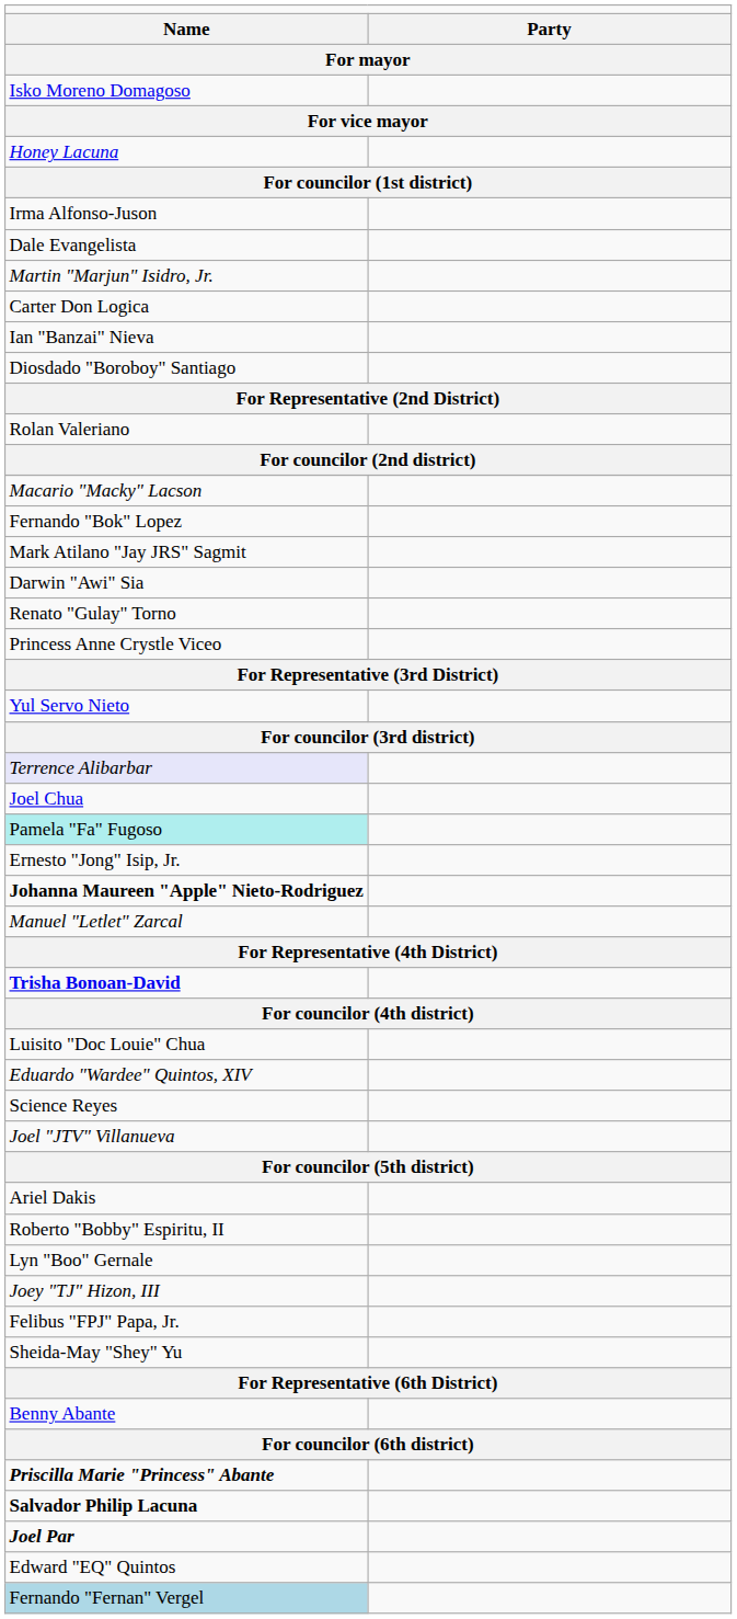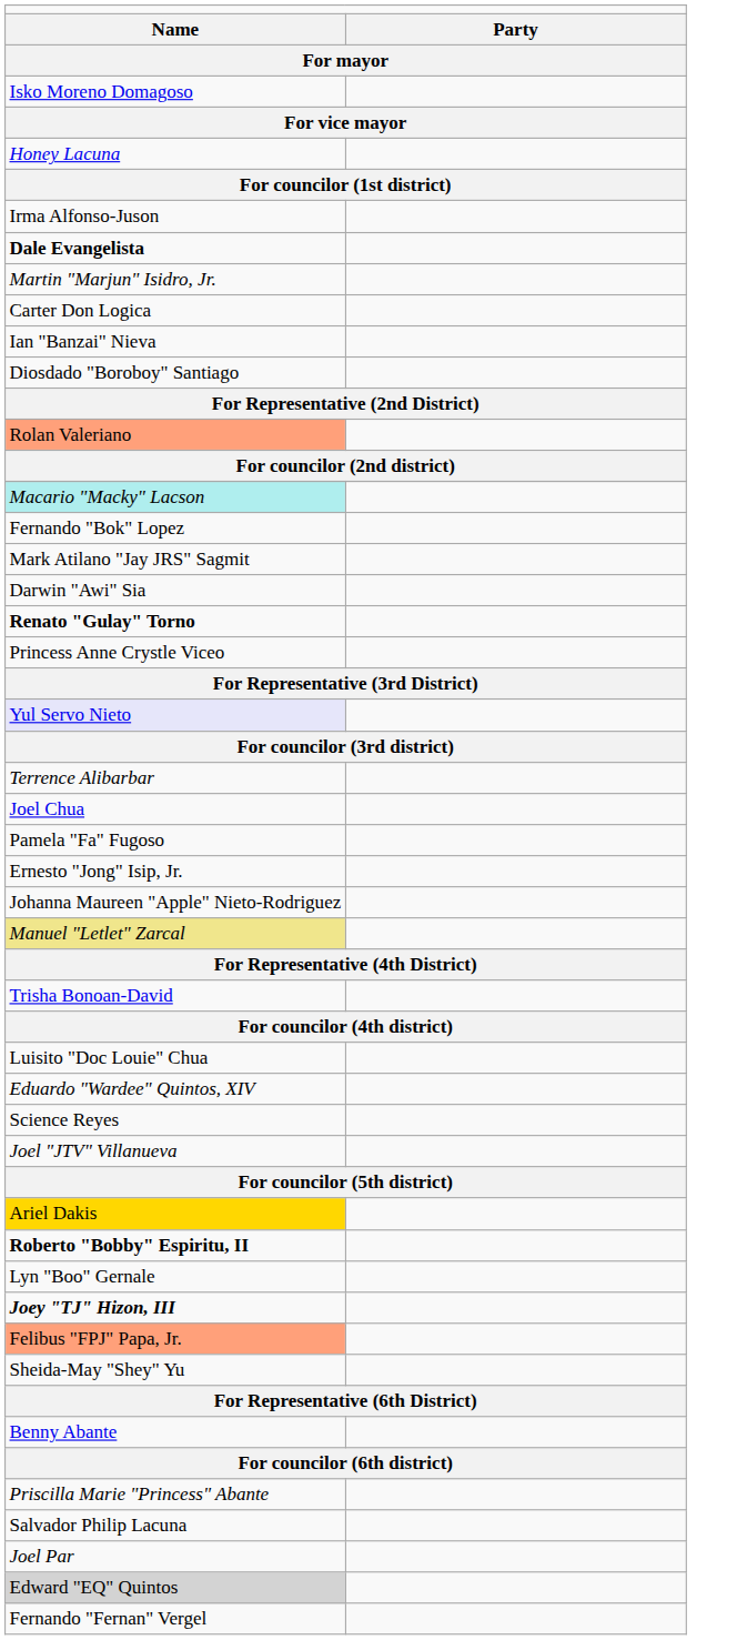 <table class=wikitable style="font-size:95%">
 <tr>
 <td colspan=4 bgcolor=></td>
 </tr>
 <tr>
 <th width=50%>Name</th>
 <th colspan=2>Party</th>
 </tr>
 <tr>
 <th colspan=3>For mayor</th>
 </tr>
 <tr>
 <td><a href='#'>Isko Moreno Domagoso</a></td>
 <td></td>
 </tr>
 <tr>
 <th colspan=3>For vice mayor</th>
 </tr>
 <tr>
 <td><em><a href='#'>Honey Lacuna</a></em></td>
 <td></td>
 </tr>
 <tr>
 <th colspan=3>For councilor (1st district)</th>
 </tr>
 <tr>
 <td>Irma Alfonso-Juson</td>
 <td></td>
 </tr>
 <tr>
-<td>Dale Evangelista</td>
+<td><strong>Dale Evangelista</strong></td>
 <td></td>
 </tr>
 <tr>
 <td><em>Martin "Marjun" Isidro, Jr.</em></td>
 <td></td>
 </tr>
 <tr>
 <td>Carter Don Logica</td>
 <td></td>
 </tr>
 <tr>
 <td>Ian "Banzai" Nieva</td>
 <td></td>
 </tr>
 <tr>
 <td>Diosdado "Boroboy" Santiago</td>
 <td></td>
 </tr>
 <tr>
 <th colspan="5">For Representative (2nd District)</th>
 </tr>
 <tr>
-<td>Rolan Valeriano</td>
+<td style="background: lightsalmon;">Rolan Valeriano</td>
 <td></td>
 </tr>
 <tr>
 <th colspan=3>For councilor (2nd district)</th>
 </tr>
 <tr>
 </tr>
 <tr>
-<td><em>Macario "Macky" Lacson</em></td>
+<td style="background: paleturquoise;"><em>Macario "Macky" Lacson</em></td>
 <td></td>
 </tr>
 <tr>
 <td>Fernando "Bok" Lopez</td>
 <td></td>
 </tr>
 <tr>
 <td>Mark Atilano "Jay JRS" Sagmit</td>
 <td></td>
 </tr>
 <tr>
 <td>Darwin "Awi" Sia</td>
 <td></td>
 </tr>
 <tr>
-<td>Renato "Gulay" Torno</td>
+<td><strong>Renato "Gulay" Torno</strong></td>
 <td></td>
 </tr>
 <tr>
 <td>Princess Anne Crystle Viceo</td>
 <td></td>
 </tr>
 <tr>
 <th colspan="5">For Representative (3rd District)</th>
 </tr>
 <tr>
-<td><a href='#'>Yul Servo Nieto</a></td>
+<td style="background: lavender;"><a href='#'>Yul Servo Nieto</a></td>
 <td></td>
 </tr>
 <tr>
 <th colspan=3>For councilor (3rd district)</th>
 </tr>
 <tr>
-<td style="background: lavender;"><em>Terrence Alibarbar</em></td>
+<td><em>Terrence Alibarbar</em></td>
 <td></td>
 </tr>
 <tr>
 <td><a href='#'>Joel Chua</a></td>
 <td></td>
 </tr>
 <tr>
-<td style="background: paleturquoise;">Pamela "Fa" Fugoso</td>
+<td>Pamela "Fa" Fugoso</td>
 <td></td>
 </tr>
 <tr>
 <td>Ernesto "Jong" Isip, Jr.</td>
 <td></td>
 </tr>
 <tr>
-<td><strong>Johanna Maureen "Apple" Nieto-Rodriguez</strong></td>
+<td>Johanna Maureen "Apple" Nieto-Rodriguez</td>
 <td></td>
 </tr>
 <tr>
-<td><em>Manuel "Letlet" Zarcal</em></td>
+<td style="background: khaki;"><em>Manuel "Letlet" Zarcal</em></td>
 <td></td>
 </tr>
 <tr>
 <th colspan="5">For Representative (4th District)</th>
 </tr>
 <tr>
-<td><strong><a href='#'>Trisha Bonoan-David</a></strong></td>
+<td><a href='#'>Trisha Bonoan-David</a></td>
 <td></td>
 </tr>
 <tr>
 <th colspan=3>For councilor (4th district)</th>
 </tr>
 <tr>
 <td>Luisito "Doc Louie" Chua</td>
 <td></td>
 </tr>
 <tr>
 <td><em>Eduardo "Wardee" Quintos, XIV</em></td>
 <td></td>
 </tr>
 <tr>
 <td>Science Reyes</td>
 <td></td>
 </tr>
 <tr>
 <td><em>Joel "JTV" Villanueva</em></td>
 <td></td>
 </tr>
 <tr>
 <th colspan=3>For councilor (5th district)</th>
 </tr>
 <tr>
-<td>Ariel Dakis</td>
+<td style="background: gold;">Ariel Dakis</td>
 <td></td>
 </tr>
 <tr>
-<td>Roberto "Bobby" Espiritu, II</td>
+<td><strong>Roberto "Bobby" Espiritu, II</strong></td>
 <td></td>
 </tr>
 <tr>
 <td>Lyn "Boo" Gernale</td>
 <td></td>
 </tr>
 <tr>
-<td><em>Joey "TJ" Hizon, III</em></td>
+<td><strong><em>Joey "TJ" Hizon, III</em></strong></td>
 <td></td>
 </tr>
 <tr>
-<td>Felibus "FPJ" Papa, Jr.</td>
+<td style="background: lightsalmon;">Felibus "FPJ" Papa, Jr.</td>
 <td></td>
 </tr>
 <tr>
 <td>Sheida-May "Shey" Yu</td>
 <td></td>
 </tr>
 <tr>
 <th colspan="5">For Representative (6th District)</th>
 </tr>
 <tr>
 <td><a href='#'>Benny Abante</a></td>
 <td></td>
 </tr>
 <tr>
 <th colspan=3>For councilor (6th district)</th>
 </tr>
 <tr>
-<td><strong><em>Priscilla Marie "Princess" Abante</em></strong></td>
+<td><em>Priscilla Marie "Princess" Abante</em></td>
 <td></td>
 </tr>
 <tr>
-<td><strong>Salvador Philip Lacuna</strong></td>
+<td>Salvador Philip Lacuna</td>
 <td></td>
 </tr>
 <tr>
-<td><strong><em>Joel Par</em></strong></td>
+<td><em>Joel Par</em></td>
 <td></td>
 </tr>
 <tr>
-<td>Edward "EQ" Quintos</td>
+<td style="background: lightgrey;">Edward "EQ" Quintos</td>
 <td></td>
 </tr>
 <tr>
-<td style="background: lightblue;">Fernando "Fernan" Vergel</td>
+<td>Fernando "Fernan" Vergel</td>
 <td></td>
 </tr>
 </table>
